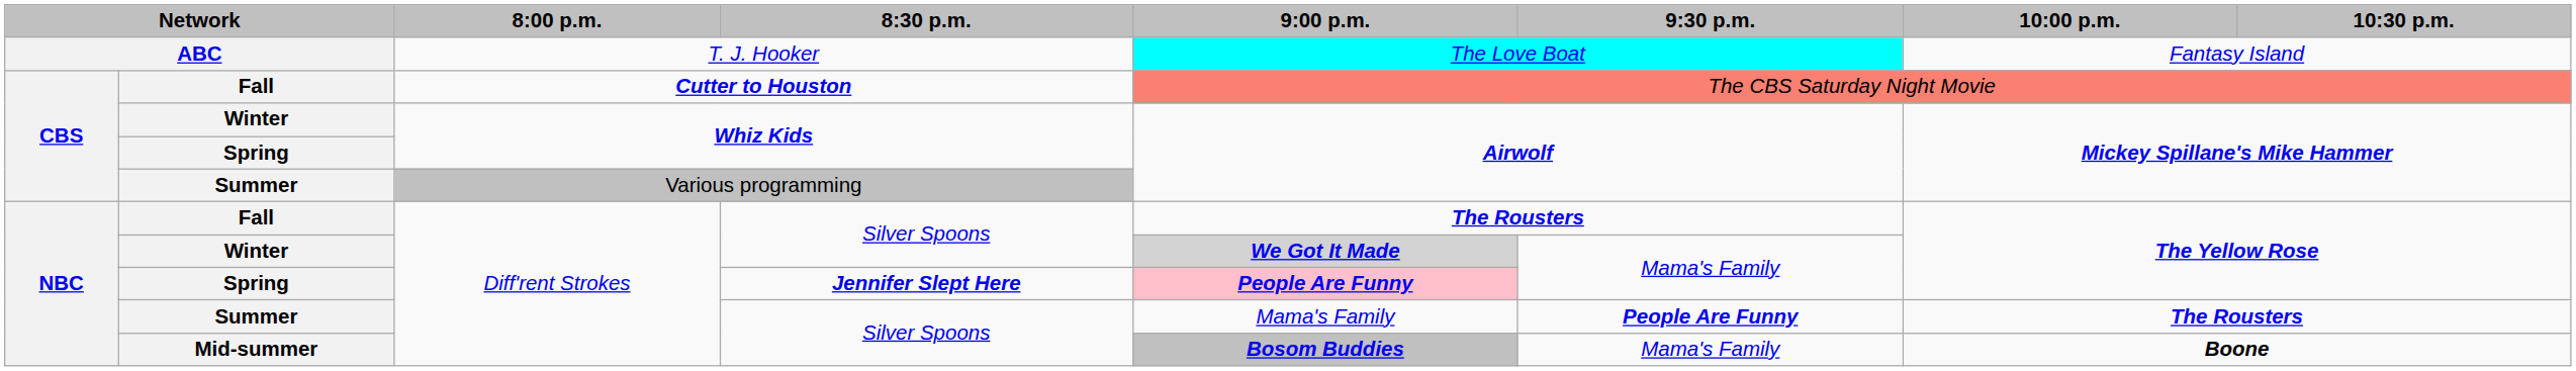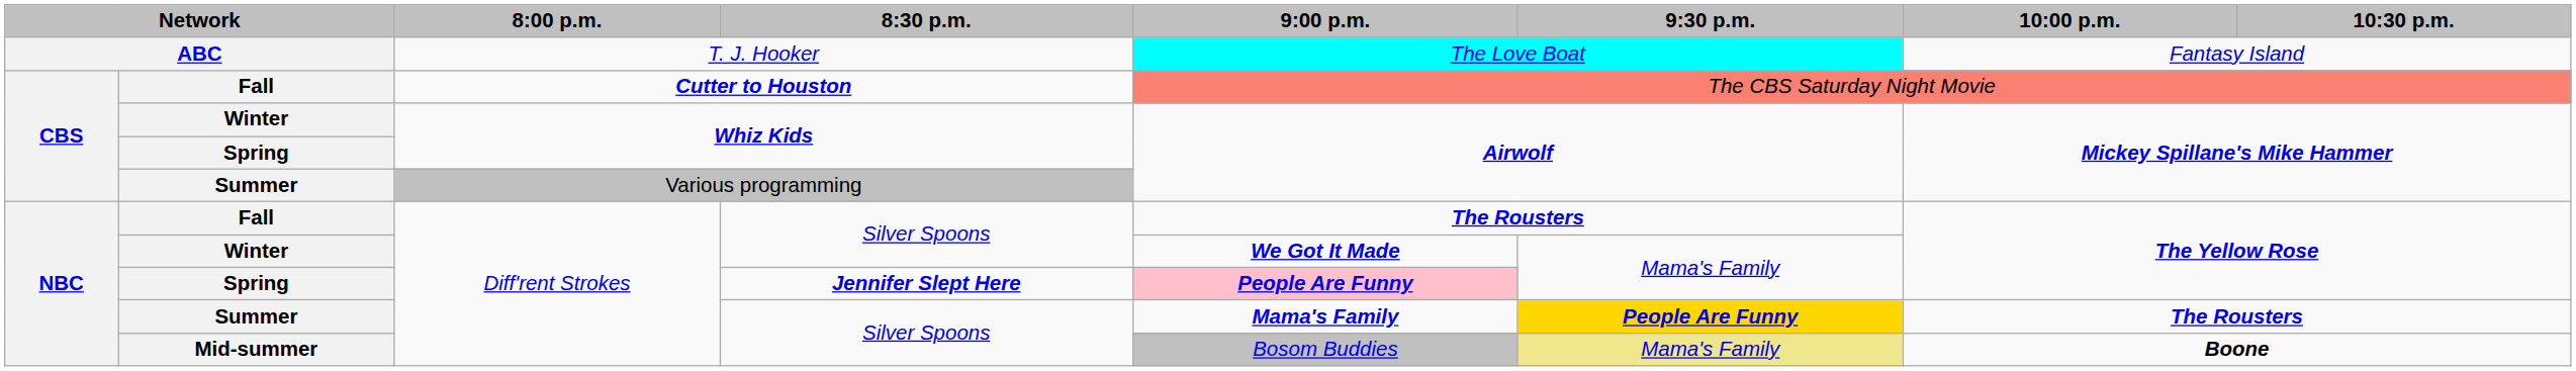 <table class="wikitable" style="width:100%;margin-right:0;text-align:center">
 <tr>
 <th colspan="2" style="background-color:#C0C0C0;text-align:center">Network</th>
 <th style="background-color:#C0C0C0;text-align:center">8:00 p.m.</th>
 <th style="background-color:#C0C0C0;text-align:center">8:30 p.m.</th>
 <th style="background-color:#C0C0C0;text-align:center">9:00 p.m.</th>
 <th style="background-color:#C0C0C0;text-align:center">9:30 p.m.</th>
 <th style="background-color:#C0C0C0;text-align:center">10:00 p.m.</th>
 <th style="background-color:#C0C0C0;text-align:center">10:30 p.m.</th>
 </tr>
 <tr>
 <th colspan="2"><a href='#'>ABC</a></th>
 <td colspan="2"><em><a href='#'>T. J. Hooker</a></em></td>
 <td style="background:#00FFFF;" colspan="2"><em><a href='#'>The Love Boat</a></em> </td>
 <td colspan="2"><em><a href='#'>Fantasy Island</a></em></td>
 </tr>
 <tr>
 <th rowspan="4"><a href='#'>CBS</a></th>
 <th>Fall</th>
 <td colspan="2"><strong><em><a href='#'>Cutter to Houston</a></em></strong></td>
 <td style="background:#FA8072;" colspan="4"><em>The CBS Saturday Night Movie</em></td>
 </tr>
 <tr>
 <th>Winter</th>
 <td colspan="2" rowspan="2"><strong><em><a href='#'>Whiz Kids</a></em></strong></td>
 <td colspan="2" rowspan="3"><strong><em><a href='#'>Airwolf</a></em></strong></td>
 <td colspan="2" rowspan="3"><strong><em><a href='#'>Mickey Spillane's Mike Hammer</a></em></strong></td>
 </tr>
 <tr>
 <th>Spring</th>
 </tr>
 <tr>
 <th>Summer</th>
 <td style="background:#C0C0C0;" colspan="2">Various programming</td>
 </tr>
 <tr>
 <th rowspan="5"><a href='#'>NBC</a></th>
 <th>Fall</th>
 <td rowspan="5"><em><a href='#'>Diff'rent Strokes</a></em></td>
 <td rowspan="2"><em><a href='#'>Silver Spoons</a></em></td>
 <td colspan="2"><strong><em><a href='#'>The Rousters</a></em></strong></td>
 <td colspan="2" rowspan="3"><strong><em><a href='#'>The Yellow Rose</a></em></strong></td>
 </tr>
 <tr>
 <th>Winter</th>
-<td style="background: lightgrey;"><strong><em><a href='#'>We Got It Made</a></em></strong></td>
+<td><strong><em><a href='#'>We Got It Made</a></em></strong></td>
 <td rowspan="2"><em><a href='#'>Mama's Family</a></em></td>
 </tr>
 <tr>
 <th>Spring</th>
 <td><strong><em><a href='#'>Jennifer Slept Here</a></em></strong></td>
 <td style="background: pink;"><strong><em><a href='#'>People Are Funny</a></em></strong></td>
 </tr>
 <tr>
 <th>Summer</th>
 <td rowspan="2"><em><a href='#'>Silver Spoons</a></em></td>
-<td><em><a href='#'>Mama's Family</a></em></td>
-<td><strong><em><a href='#'>People Are Funny</a></em></strong></td>
+<td><strong><em><a href='#'>Mama's Family</a></em></strong></td>
+<td style="background: gold;"><strong><em><a href='#'>People Are Funny</a></em></strong></td>
 <td colspan="2"><strong><em><a href='#'>The Rousters</a></em></strong></td>
 </tr>
 <tr>
 <th>Mid-summer</th>
-<td style="background:#C0C0C0;"><strong><em><a href='#'>Bosom Buddies</a></em> </strong></td>
-<td><em><a href='#'>Mama's Family</a></em></td>
+<td style="background:#C0C0C0;"><em><a href='#'>Bosom Buddies</a></em> </td>
+<td style="background: khaki;"><em><a href='#'>Mama's Family</a></em></td>
 <td colspan="2"><strong><em>Boone</em></strong></td>
 </tr>
 </table>
